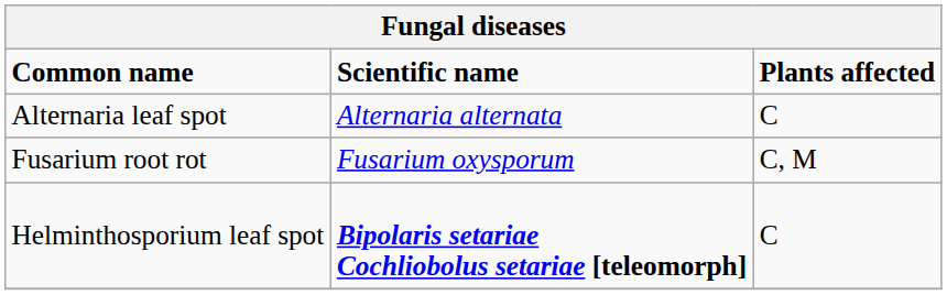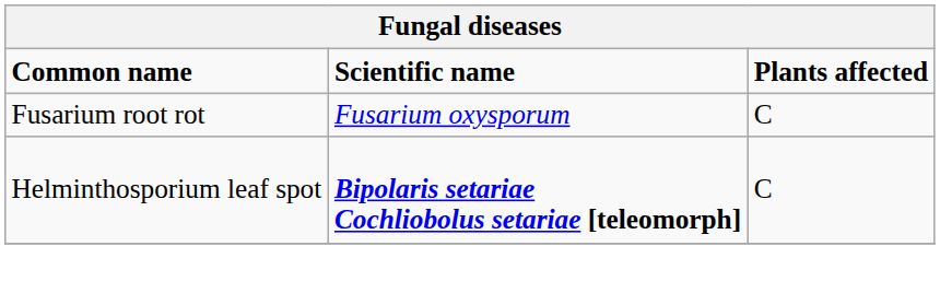 <table class="wikitable" style="clear">
 <tr>
 <th colspan=3><strong>Fungal diseases</strong><br></th>
 </tr>
 <tr>
 <td><strong>Common name</strong></td>
 <td><strong>Scientific name</strong></td>
 <td><strong>Plants affected</strong></td>
 </tr>
 <tr>
-<td>Alternaria leaf spot</td>
-<td><em><a href='#'>Alternaria alternata</a></em></td>
-<td>C</td>
-</tr>
-<tr>
 <td>Fusarium root rot</td>
 <td><em><a href='#'>Fusarium oxysporum</a></em></td>
-<td>C, M</td>
+<td>C</td>
 </tr>
 <tr>
 <td>Helminthosporium leaf spot</td>
 <td><strong><br><em><a href='#'>Bipolaris setariae</a></em><br> <em><a href='#'>Cochliobolus setariae</a></em> [teleomorph]</strong></td>
 <td>C</td>
 </tr>
 <tr>
 </tr>
 </table>
